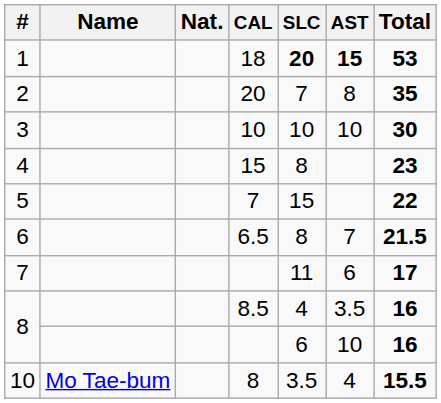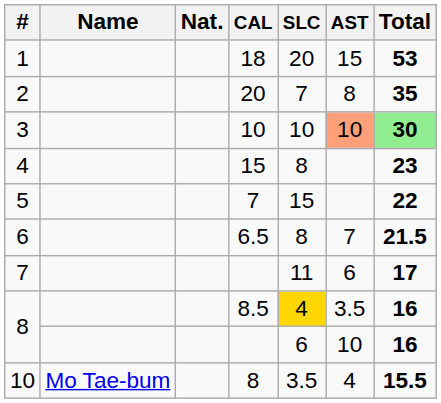 <table class="wikitable sortable" style="text-align:center;">
 <tr>
 <th>#</th>
 <th>Name</th>
 <th>Nat.</th>
 <th><small>CAL</small></th>
 <th><small>SLC</small></th>
 <th><small>AST</small></th>
 <th>Total</th>
 </tr>
 <tr>
 <td>1</td>
 <td align=left></td>
 <td></td>
 <td>18</td>
-<td><strong>20</strong></td>
-<td><strong>15</strong></td>
+<td>20</td>
+<td>15</td>
 <td><strong>53</strong></td>
 </tr>
 <tr>
 <td>2</td>
 <td align=left></td>
 <td></td>
 <td>20</td>
 <td>7</td>
 <td>8</td>
 <td><strong>35</strong></td>
 </tr>
 <tr>
 <td>3</td>
 <td align=left></td>
 <td></td>
 <td>10</td>
 <td>10</td>
-<td>10</td>
-<td><strong>30</strong></td>
+<td style="background: lightsalmon;">10</td>
+<td style="background: lightgreen;"><strong>30</strong></td>
 </tr>
 <tr>
 <td>4</td>
 <td align=left></td>
 <td></td>
 <td>15</td>
 <td>8</td>
 <td></td>
 <td><strong>23</strong></td>
 </tr>
 <tr>
 <td>5</td>
 <td align=left></td>
 <td></td>
 <td>7</td>
 <td>15</td>
 <td></td>
 <td><strong>22</strong></td>
 </tr>
 <tr>
 <td>6</td>
 <td align=left></td>
 <td></td>
 <td>6.5</td>
 <td>8</td>
 <td>7</td>
 <td><strong>21.5 </strong></td>
 </tr>
 <tr>
 <td>7</td>
 <td align=left></td>
 <td></td>
 <td></td>
 <td>11</td>
 <td>6</td>
 <td><strong>17</strong></td>
 </tr>
 <tr>
 <td rowspan=2>8</td>
 <td align=left></td>
 <td></td>
 <td>8.5</td>
-<td>4</td>
+<td style="background: gold;">4</td>
 <td>3.5</td>
 <td><strong>16</strong></td>
 </tr>
 <tr>
 <td align=left></td>
 <td></td>
 <td></td>
 <td>6</td>
 <td>10</td>
 <td><strong>16</strong></td>
 </tr>
 <tr>
 <td>10</td>
 <td align=left><a href='#'>Mo Tae-bum</a></td>
 <td></td>
 <td>8</td>
 <td>3.5</td>
 <td>4</td>
 <td><strong>15.5 </strong></td>
 </tr>
 </table>
